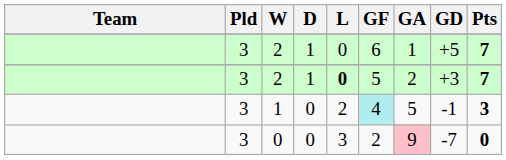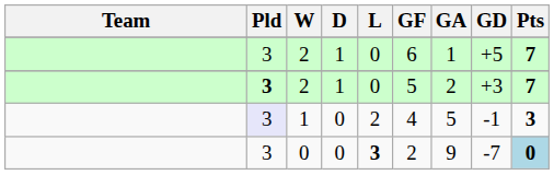 <table class="wikitable" style="text-align:center;">
 <tr>
 <th width=180>Team</th>
 <th width=20>Pld</th>
 <th width=20>W</th>
 <th width=20>D</th>
 <th width=20>L</th>
 <th width=20>GF</th>
 <th width=20>GA</th>
 <th width=20>GD</th>
 <th width=20>Pts</th>
 </tr>
 <tr>
 </tr>
 <tr bgcolor=ccffcc>
 <td align="left"></td>
 <td>3</td>
 <td>2</td>
 <td>1</td>
 <td>0</td>
 <td>6</td>
 <td>1</td>
 <td>+5</td>
 <td><strong>7</strong></td>
 </tr>
 <tr>
 </tr>
 <tr bgcolor=ccffcc>
 <td align="left"></td>
-<td>3</td>
+<td><strong>3</strong></td>
 <td>2</td>
 <td>1</td>
-<td><strong>0</strong></td>
+<td>0</td>
 <td>5</td>
 <td>2</td>
 <td>+3</td>
 <td><strong>7</strong></td>
 </tr>
 <tr>
 <td align="left"></td>
-<td>3</td>
+<td style="background: lavender;">3</td>
 <td>1</td>
 <td>0</td>
 <td>2</td>
-<td style="background: paleturquoise;">4</td>
+<td>4</td>
 <td>5</td>
 <td>-1</td>
 <td><strong>3</strong></td>
 </tr>
 <tr>
 <td align="left"></td>
 <td>3</td>
 <td>0</td>
 <td>0</td>
-<td>3</td>
+<td><strong>3</strong></td>
 <td>2</td>
-<td style="background: pink;">9</td>
+<td>9</td>
 <td>-7</td>
-<td><strong>0</strong></td>
+<td style="background: lightblue;"><strong>0</strong></td>
 </tr>
 </table>
